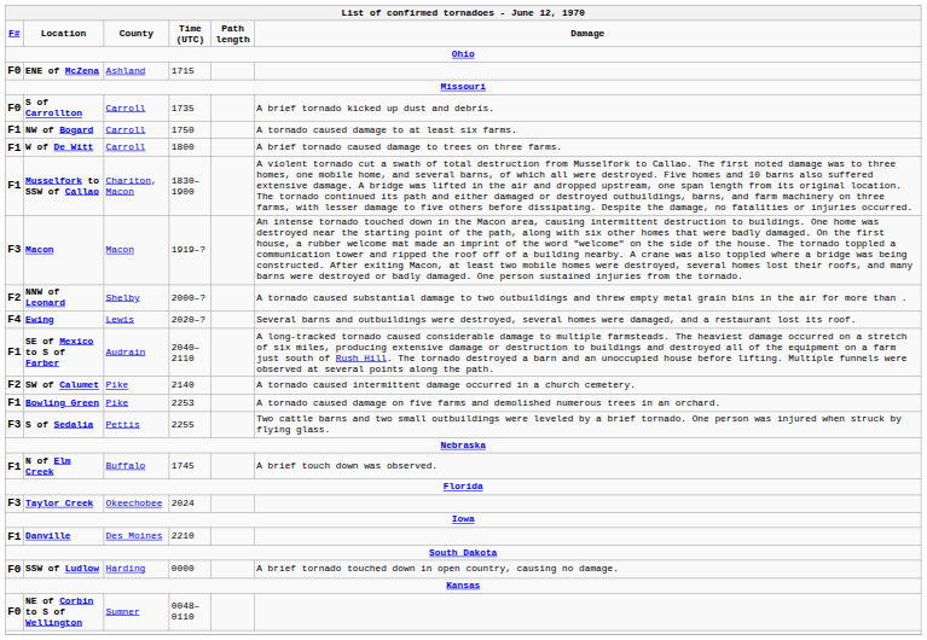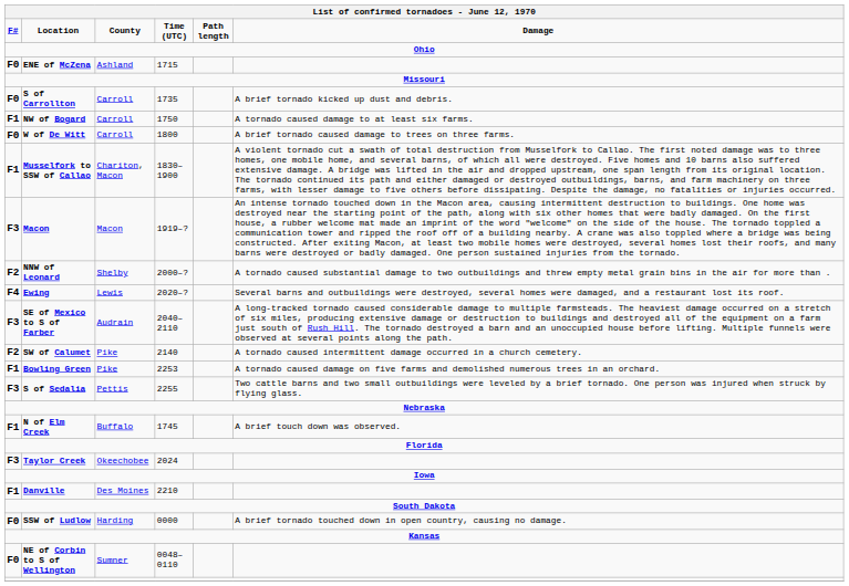 <table class="wikitable toccolours collapsible" width="100%">
 <tr>
 <th colspan="6">List of confirmed tornadoes - June 12, 1970</th>
 </tr>
 <tr style="text-align:center;">
 <td><strong><a href='#'>F#</a></strong></td>
 <td><strong>Location</strong></td>
 <td><strong>County</strong></td>
 <td><strong>Time (UTC)</strong></td>
 <td><strong>Path length</strong></td>
 <td><strong>Damage</strong></td>
 </tr>
 <tr>
 <td colspan="7" style="text-align:center;"><strong><a href='#'>Ohio</a></strong></td>
 </tr>
 <tr>
 <td><big><strong>F0</strong></big></td>
 <td><strong>ENE of <a href='#'>McZena</a></strong></td>
 <td><a href='#'>Ashland</a></td>
 <td>1715</td>
 <td></td>
 <td></td>
 </tr>
 <tr>
 <td colspan="7" align="center"><strong><a href='#'>Missouri</a></strong></td>
 </tr>
 <tr>
 <td><big><strong>F0</strong></big></td>
 <td><strong>S of <a href='#'>Carrollton</a></strong></td>
 <td><a href='#'>Carroll</a></td>
 <td>1735</td>
 <td></td>
 <td>A brief tornado kicked up dust and debris.</td>
 </tr>
 <tr>
 <td><big><strong>F1</strong></big></td>
 <td><strong>NW of <a href='#'>Bogard</a></strong></td>
 <td><a href='#'>Carroll</a></td>
 <td>1750</td>
 <td></td>
 <td>A tornado caused damage to at least six farms.</td>
 </tr>
 <tr>
-<td><big><strong>F1</strong></big></td>
+<td><big><strong>F0</strong></big></td>
 <td><strong>W of <a href='#'>De Witt</a></strong></td>
 <td><a href='#'>Carroll</a></td>
 <td>1800</td>
 <td></td>
 <td>A brief tornado caused damage to trees on three farms.</td>
 </tr>
 <tr>
 <td><big><strong>F1</strong></big></td>
 <td><strong><a href='#'>Musselfork</a> to SSW of <a href='#'>Callao</a></strong></td>
 <td><a href='#'>Chariton</a>, <a href='#'>Macon</a></td>
 <td>1830–1900</td>
 <td></td>
 <td>A violent tornado cut a swath of total destruction from Musselfork to Callao. The first noted damage was to three homes, one mobile home, and several barns, of which all were destroyed. Five homes and 10 barns also suffered extensive damage. A bridge was lifted in the air and dropped upstream, one span length from its original location. The tornado continued its path and either damaged or destroyed outbuildings, barns, and farm machinery on three farms, with lesser damage to five others before dissipating. Despite the damage, no fatalities or injuries occurred.</td>
 </tr>
 <tr>
 <td><big><strong>F3</strong></big></td>
 <td><strong><a href='#'>Macon</a></strong></td>
 <td><a href='#'>Macon</a></td>
 <td>1919–?</td>
 <td></td>
 <td>An intense tornado touched down in the Macon area, causing intermittent destruction to buildings. One home was destroyed near the starting point of the path, along with six other homes that were badly damaged. On the first house, a rubber welcome mat made an imprint of the word "welcome" on the side of the house. The tornado toppled a communication tower and ripped the roof off of a building nearby. A crane was also toppled where a bridge was being constructed. After exiting Macon, at least two mobile homes were destroyed, several homes lost their roofs, and many barns were destroyed or badly damaged. One person sustained injuries from the tornado.</td>
 </tr>
 <tr>
 <td><big><strong>F2</strong></big></td>
 <td><strong>NNW of <a href='#'>Leonard</a></strong></td>
 <td><a href='#'>Shelby</a></td>
 <td>2000–?</td>
 <td></td>
 <td>A tornado caused substantial damage to two outbuildings and threw empty metal grain bins in the air for more than .</td>
 </tr>
 <tr>
 <td><big><strong>F4</strong></big></td>
 <td><strong><a href='#'>Ewing</a></strong></td>
 <td><a href='#'>Lewis</a></td>
 <td>2020–?</td>
 <td></td>
 <td>Several barns and outbuildings were destroyed, several homes were damaged, and a restaurant lost its roof.</td>
 </tr>
 <tr>
-<td><big><strong>F1</strong></big></td>
+<td><big><strong>F3</strong></big></td>
 <td><strong>SE of <a href='#'>Mexico</a> to S of <a href='#'>Farber</a></strong></td>
 <td><a href='#'>Audrain</a></td>
 <td>2040–2110</td>
 <td></td>
 <td>A long-tracked tornado caused considerable damage to multiple farmsteads. The heaviest damage occurred on a stretch of six miles, producing extensive damage or destruction to buildings and destroyed all of the equipment on a farm just south of <a href='#'>Rush Hill</a>. The tornado destroyed a barn and an unoccupied house before lifting. Multiple funnels were observed at several points along the path.</td>
 </tr>
 <tr>
 <td><big><strong>F2</strong></big></td>
 <td><strong>SW of <a href='#'>Calumet</a></strong></td>
 <td><a href='#'>Pike</a></td>
 <td>2140</td>
 <td></td>
 <td>A tornado caused intermittent damage occurred in a church cemetery.</td>
 </tr>
 <tr>
 <td><big><strong>F1</strong></big></td>
 <td><strong><a href='#'>Bowling Green</a></strong></td>
 <td><a href='#'>Pike</a></td>
 <td>2253</td>
 <td></td>
 <td>A tornado caused damage on five farms and demolished numerous trees in an orchard.</td>
 </tr>
 <tr>
 <td><big><strong>F3</strong></big></td>
 <td><strong>S of <a href='#'>Sedalia</a></strong></td>
 <td><a href='#'>Pettis</a></td>
 <td>2255</td>
 <td></td>
 <td>Two cattle barns and two small outbuildings were leveled by a brief tornado. One person was injured when struck by flying glass.</td>
 </tr>
 <tr>
 <td colspan="7" align="center"><strong><a href='#'>Nebraska</a></strong></td>
 </tr>
 <tr>
 <td><big><strong>F1</strong></big></td>
 <td><strong>N of <a href='#'>Elm Creek</a></strong></td>
 <td><a href='#'>Buffalo</a></td>
 <td>1745</td>
 <td></td>
 <td>A brief touch down was observed.</td>
 </tr>
 <tr>
 <td colspan="7" align="center"><strong><a href='#'>Florida</a></strong></td>
 </tr>
 <tr>
 <td><big><strong>F3</strong></big></td>
 <td><strong><a href='#'>Taylor Creek</a></strong></td>
 <td><a href='#'>Okeechobee</a></td>
 <td>2024</td>
 <td></td>
 <td></td>
 </tr>
 <tr>
 <td colspan="7" align="center"><strong><a href='#'>Iowa</a></strong></td>
 </tr>
 <tr>
 <td><big><strong>F1</strong></big></td>
 <td><strong><a href='#'>Danville</a></strong></td>
 <td><a href='#'>Des Moines</a></td>
 <td>2210</td>
 <td></td>
 <td></td>
 </tr>
 <tr>
 <td colspan="7" align="center"><strong><a href='#'>South Dakota</a></strong></td>
 </tr>
 <tr>
 <td><big><strong>F0</strong></big></td>
 <td><strong>SSW of <a href='#'>Ludlow</a></strong></td>
 <td><a href='#'>Harding</a></td>
 <td>0000</td>
 <td></td>
 <td>A brief tornado touched down in open country, causing no damage.</td>
 </tr>
 <tr>
 <td colspan="7" align="center"><strong><a href='#'>Kansas</a></strong></td>
 </tr>
 <tr>
 <td><big><strong>F0</strong></big></td>
 <td><strong>NE of <a href='#'>Corbin</a> to S of <a href='#'>Wellington</a></strong></td>
 <td><a href='#'>Sumner</a></td>
 <td>0048–0110</td>
 <td></td>
 <td></td>
 </tr>
 <tr>
 <td colspan="7" align="center"><small></small></td>
 </tr>
 <tr>
 </tr>
 </table>
